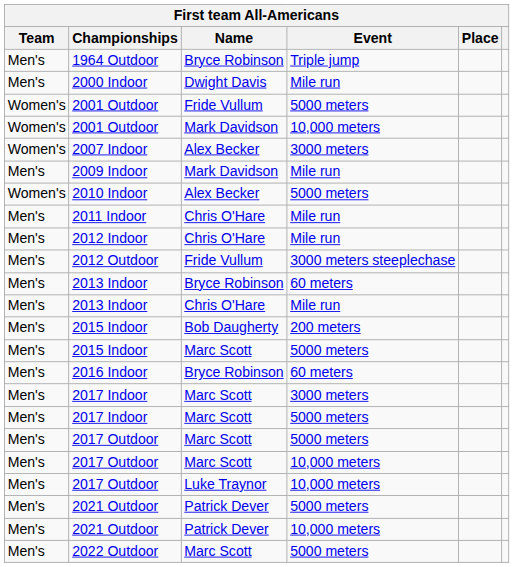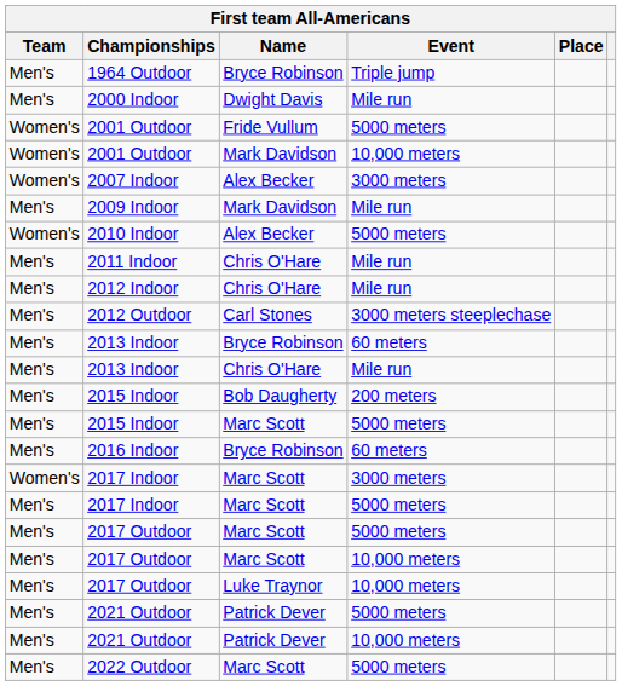 <table class="wikitable sortable">
 <tr>
 <th colspan="6">First team All-Americans</th>
 </tr>
 <tr>
 <th scope="col">Team</th>
 <th scope="col">Championships</th>
 <th scope="col">Name</th>
 <th scope="col">Event</th>
 <th scope="col">Place</th>
 <th scope="col"></th>
 </tr>
 <tr>
 <td>Men's</td>
 <td><a href='#'>1964 Outdoor</a></td>
 <td><a href='#'>Bryce Robinson</a></td>
 <td><a href='#'>Triple jump</a></td>
 <td></td>
 <td></td>
 </tr>
 <tr>
 <td>Men's</td>
 <td><a href='#'>2000 Indoor</a></td>
 <td><a href='#'>Dwight Davis</a></td>
 <td><a href='#'>Mile run</a></td>
 <td></td>
 <td></td>
 </tr>
 <tr>
 <td>Women's</td>
 <td><a href='#'>2001 Outdoor</a></td>
 <td><a href='#'>Fride Vullum</a></td>
 <td><a href='#'>5000 meters</a></td>
 <td></td>
 <td></td>
 </tr>
 <tr>
 <td>Women's</td>
 <td><a href='#'>2001 Outdoor</a></td>
 <td><a href='#'>Mark Davidson</a></td>
 <td><a href='#'>10,000 meters</a></td>
 <td></td>
 <td></td>
 </tr>
 <tr>
 <td>Women's</td>
 <td><a href='#'>2007 Indoor</a></td>
 <td><a href='#'>Alex Becker</a></td>
 <td><a href='#'>3000 meters</a></td>
 <td></td>
 <td></td>
 </tr>
 <tr>
 <td>Men's</td>
 <td><a href='#'>2009 Indoor</a></td>
 <td><a href='#'>Mark Davidson</a></td>
 <td><a href='#'>Mile run</a></td>
 <td></td>
 <td></td>
 </tr>
 <tr>
 <td>Women's</td>
 <td><a href='#'>2010 Indoor</a></td>
 <td><a href='#'>Alex Becker</a></td>
 <td><a href='#'>5000 meters</a></td>
 <td></td>
 <td></td>
 </tr>
 <tr>
 <td>Men's</td>
 <td><a href='#'>2011 Indoor</a></td>
 <td><a href='#'>Chris O'Hare</a></td>
 <td><a href='#'>Mile run</a></td>
 <td></td>
 <td></td>
 </tr>
 <tr>
 <td>Men's</td>
 <td><a href='#'>2012 Indoor</a></td>
 <td><a href='#'>Chris O'Hare</a></td>
 <td><a href='#'>Mile run</a></td>
 <td></td>
 <td></td>
 </tr>
 <tr>
 <td>Men's</td>
 <td><a href='#'>2012 Outdoor</a></td>
-<td><a href='#'>Fride Vullum</a></td>
+<td><a href='#'>Carl Stones</a></td>
 <td><a href='#'>3000 meters steeplechase</a></td>
 <td></td>
 <td></td>
 </tr>
 <tr>
 <td>Men's</td>
 <td><a href='#'>2013 Indoor</a></td>
 <td><a href='#'>Bryce Robinson</a></td>
 <td><a href='#'>60 meters</a></td>
 <td></td>
 <td></td>
 </tr>
 <tr>
 <td>Men's</td>
 <td><a href='#'>2013 Indoor</a></td>
 <td><a href='#'>Chris O'Hare</a></td>
 <td><a href='#'>Mile run</a></td>
 <td></td>
 <td></td>
 </tr>
 <tr>
 <td>Men's</td>
 <td><a href='#'>2015 Indoor</a></td>
 <td><a href='#'>Bob Daugherty</a></td>
 <td><a href='#'>200 meters</a></td>
 <td></td>
 <td></td>
 </tr>
 <tr>
 <td>Men's</td>
 <td><a href='#'>2015 Indoor</a></td>
 <td><a href='#'>Marc Scott</a></td>
 <td><a href='#'>5000 meters</a></td>
 <td></td>
 <td></td>
 </tr>
 <tr>
 <td>Men's</td>
 <td><a href='#'>2016 Indoor</a></td>
 <td><a href='#'>Bryce Robinson</a></td>
 <td><a href='#'>60 meters</a></td>
 <td></td>
 <td></td>
 </tr>
 <tr>
-<td>Men's</td>
+<td>Women's</td>
 <td><a href='#'>2017 Indoor</a></td>
 <td><a href='#'>Marc Scott</a></td>
 <td><a href='#'>3000 meters</a></td>
 <td></td>
 <td></td>
 </tr>
 <tr>
 <td>Men's</td>
 <td><a href='#'>2017 Indoor</a></td>
 <td><a href='#'>Marc Scott</a></td>
 <td><a href='#'>5000 meters</a></td>
 <td></td>
 <td></td>
 </tr>
 <tr>
 <td>Men's</td>
 <td><a href='#'>2017 Outdoor</a></td>
 <td><a href='#'>Marc Scott</a></td>
 <td><a href='#'>5000 meters</a></td>
 <td></td>
 <td></td>
 </tr>
 <tr>
 <td>Men's</td>
 <td><a href='#'>2017 Outdoor</a></td>
 <td><a href='#'>Marc Scott</a></td>
 <td><a href='#'>10,000 meters</a></td>
 <td></td>
 <td></td>
 </tr>
 <tr>
 <td>Men's</td>
 <td><a href='#'>2017 Outdoor</a></td>
 <td><a href='#'>Luke Traynor</a></td>
 <td><a href='#'>10,000 meters</a></td>
 <td></td>
 <td></td>
 </tr>
 <tr>
 <td>Men's</td>
 <td><a href='#'>2021 Outdoor</a></td>
 <td><a href='#'>Patrick Dever</a></td>
 <td><a href='#'>5000 meters</a></td>
 <td></td>
 <td></td>
 </tr>
 <tr>
 <td>Men's</td>
 <td><a href='#'>2021 Outdoor</a></td>
 <td><a href='#'>Patrick Dever</a></td>
 <td><a href='#'>10,000 meters</a></td>
 <td></td>
 <td></td>
 </tr>
 <tr>
 <td>Men's</td>
 <td><a href='#'>2022 Outdoor</a></td>
 <td><a href='#'>Marc Scott</a></td>
 <td><a href='#'>5000 meters</a></td>
 <td></td>
 <td></td>
 </tr>
 </table>
